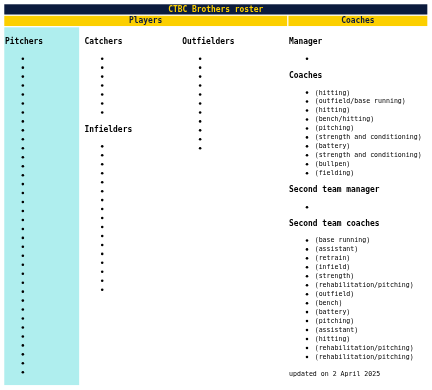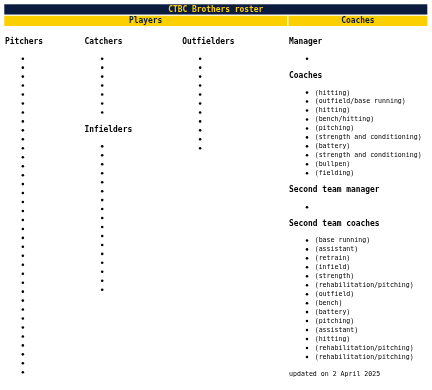 <table class="toccolours" style="font-size: 95%;">
 <tr>
 <th colspan="10" style="background-color: #0B1B3D; color: #FCCF00; text-align: center;">CTBC Brothers roster</th>
 </tr>
 <tr>
 <td colspan="6" style="background-color:#FCCF00; color: #0B1B3D; text-align: center;" width="440"><strong>Players</strong></td>
 <td colspan="2" style="background-color:#FCCF00; color: #0B1B3D; text-align: center;" width="215"><strong>Coaches</strong></td>
 </tr>
 <tr>
-<td style="background: paleturquoise; vertical-align:top;"><br><strong>Pitchers</strong><ul><li></li><li></li><li></li><li></li><li></li><li></li><li></li><li></li><li></li><li></li><li></li><li></li><li></li><li></li><li></li><li></li><li></li><li></li><li></li><li></li><li></li><li></li><li></li><li></li><li></li><li></li><li></li><li></li><li></li><li></li><li></li><li></li><li></li><li></li><li></li><li></li></ul></td>
+<td style="vertical-align:top;"><br><strong>Pitchers</strong><ul><li></li><li></li><li></li><li></li><li></li><li></li><li></li><li></li><li></li><li></li><li></li><li></li><li></li><li></li><li></li><li></li><li></li><li></li><li></li><li></li><li></li><li></li><li></li><li></li><li></li><li></li><li></li><li></li><li></li><li></li><li></li><li></li><li></li><li></li><li></li><li></li></ul></td>
 <td width="px"></td>
 <td style="vertical-align:top;"><br><strong>Catchers</strong><ul><li></li><li></li><li></li><li></li><li></li><li></li><li></li></ul><strong>Infielders</strong><ul><li></li><li></li><li></li><li></li><li></li><li></li><li></li><li></li><li></li><li></li><li></li><li></li><li></li><li></li><li></li><li></li><li></li></ul></td>
 <td width="px"></td>
 <td style="vertical-align:top;"><br><strong>Outfielders</strong><ul><li></li><li></li><li></li><li></li><li></li><li></li><li></li><li></li><li></li><li></li><li></li></ul></td>
 <td width="px"></td>
 <td style="vertical-align:top;"><br><strong>Manager</strong><ul><li></li></ul><strong>Coaches</strong><ul><li> <small>(hitting)</small></li><li> <small>(outfield/base running)</small></li><li> <small>(hitting)</small></li><li> <small>(bench/hitting)</small></li><li> <small>(pitching)</small></li><li> <small>(strength and conditioning)</small></li><li> <small>(battery)</small></li><li> <small>(strength and conditioning)</small></li><li> <small>(bullpen)</small></li><li> <small>(fielding)</small></li></ul><strong>Second team manager</strong><ul><li></li></ul><strong>Second team coaches</strong><ul><li> <small>(base running)</small></li><li> <small>(assistant)</small></li><li> <small>(retrain)</small></li><li> <small>(infield)</small></li><li> <small>(strength)</small></li><li> <small>(rehabilitation/pitching)</small></li><li> <small>(outfield)</small></li><li> <small>(bench)</small></li><li> <small>(battery)</small></li><li> <small>(pitching)</small></li><li> <small>(assistant)</small></li><li> <small>(hitting)</small></li><li> <small>(rehabilitation/pitching)</small></li><li> <small>(rehabilitation/pitching)</small></li></ul><small> <span></span> updated on 2 April 2025</small></td>
 </tr>
 </table>
